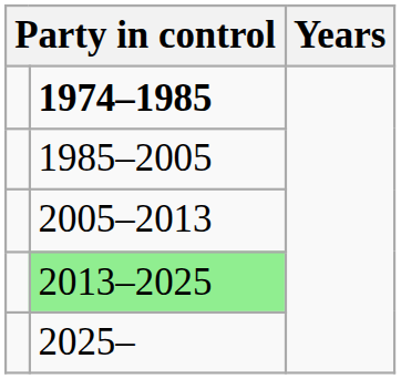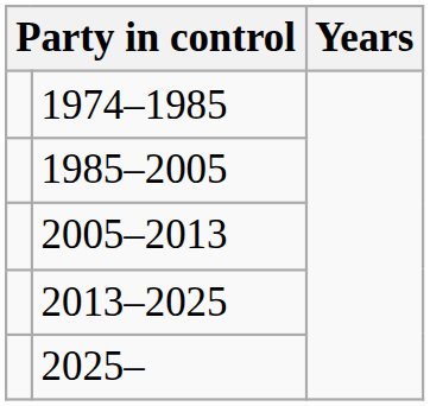 <table class="wikitable">
 <tr>
 <th colspan="2">Party in control</th>
 <th>Years</th>
 </tr>
 <tr>
 <td></td>
-<td><strong>1974–1985</strong></td>
+<td>1974–1985</td>
 </tr>
 <tr>
 <td></td>
 <td>1985–2005</td>
 </tr>
 <tr>
 <td></td>
 <td>2005–2013</td>
 </tr>
 <tr>
 <td></td>
-<td style="background: lightgreen;">2013–2025</td>
+<td>2013–2025</td>
 </tr>
 <tr>
 <td></td>
 <td>2025–</td>
 </tr>
 </table>
